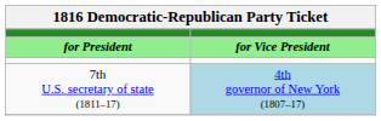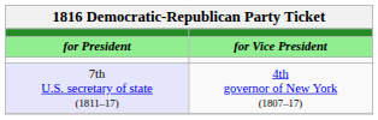 <table class="wikitable" style="font-size:90%; text-align:center;">
 <tr>
 <td style="background:#f1f1f1;" colspan="30"><big><strong>1816 Democratic-Republican Party Ticket</strong></big></td>
 </tr>
 <tr>
 <th style="width:3em; font-size:135%; background:#228B22; width:200px;"><a href='#'></a></th>
 <th style="width:3em; font-size:135%; background:#228B22; width:200px;"><a href='#'></a></th>
 </tr>
 <tr>
 <td style="width:3em; font-size:100%; color:#000; background:#90EE90; width:200px;"><strong><em>for President</em></strong></td>
 <td style="width:3em; font-size:100%; color:#000; background:#90EE90; width:200px;"><strong><em>for Vice President</em></strong></td>
 </tr>
 <tr>
 <td></td>
 <td></td>
 </tr>
 <tr>
-<td>7th<br><a href='#'>U.S. secretary of state</a><br><small>(1811–17)</small></td>
-<td style="background: lightblue;"><a href='#'>4th</a><br><a href='#'>governor of New York</a><br><small>(1807–17)</small></td>
+<td style="background: lavender;">7th<br><a href='#'>U.S. secretary of state</a><br><small>(1811–17)</small></td>
+<td><a href='#'>4th</a><br><a href='#'>governor of New York</a><br><small>(1807–17)</small></td>
 </tr>
 <tr>
 </tr>
 </table>
